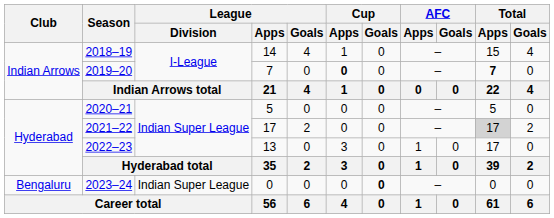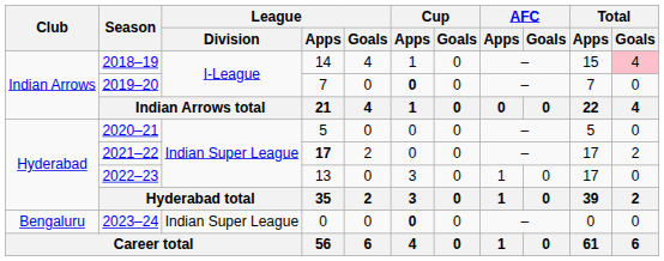 <table class="wikitable" style="text-align: center">
 <tr>
 <th rowspan="2">Club</th>
 <th rowspan="2">Season</th>
 <th colspan="3">League</th>
 <th colspan="2">Cup</th>
 <th colspan="2"><a href='#'>AFC</a></th>
 <th colspan="2">Total</th>
 </tr>
 <tr>
 <th>Division</th>
 <th>Apps</th>
 <th>Goals</th>
 <th>Apps</th>
 <th>Goals</th>
 <th>Apps</th>
 <th>Goals</th>
 <th>Apps</th>
 <th>Goals</th>
 </tr>
 <tr>
 <td rowspan="3"><a href='#'>Indian Arrows</a></td>
 <td><a href='#'>2018–19</a></td>
 <td rowspan="2"><a href='#'>I-League</a></td>
 <td>14</td>
 <td>4</td>
 <td>1</td>
 <td>0</td>
 <td colspan="2">–</td>
 <td>15</td>
-<td>4</td>
+<td style="background: pink;">4</td>
 </tr>
 <tr>
 <td><a href='#'>2019–20</a></td>
 <td>7</td>
 <td>0</td>
 <td><strong>0</strong></td>
 <td>0</td>
 <td colspan="2">–</td>
-<td><strong>7</strong></td>
+<td>7</td>
 <td>0</td>
 </tr>
 <tr>
 <th colspan="2">Indian Arrows total</th>
 <th>21</th>
 <th>4</th>
 <th>1</th>
 <th>0</th>
 <th>0</th>
 <th>0</th>
 <th>22</th>
 <th>4</th>
 </tr>
 <tr>
 <td rowspan="4"><a href='#'>Hyderabad</a></td>
 <td><a href='#'>2020–21</a></td>
 <td rowspan="3"><a href='#'>Indian Super League</a></td>
 <td>5</td>
 <td>0</td>
 <td>0</td>
 <td>0</td>
 <td colspan="2">–</td>
 <td>5</td>
 <td>0</td>
 </tr>
 <tr>
 <td><a href='#'>2021–22</a></td>
-<td>17</td>
+<td><strong>17</strong></td>
 <td>2</td>
 <td>0</td>
 <td>0</td>
 <td colspan="2">–</td>
-<td style="background: lightgrey;">17</td>
+<td>17</td>
 <td>2</td>
 </tr>
 <tr>
 <td><a href='#'>2022–23</a></td>
 <td>13</td>
 <td>0</td>
 <td>3</td>
 <td>0</td>
 <td>1</td>
 <td>0</td>
 <td>17</td>
 <td>0</td>
 </tr>
 <tr>
 <th colspan="2">Hyderabad total</th>
 <th>35</th>
 <th>2</th>
 <th>3</th>
 <th>0</th>
 <th>1</th>
 <th>0</th>
 <th>39</th>
 <th>2</th>
 </tr>
 <tr>
 <td rowspan="1"><a href='#'>Bengaluru</a></td>
 <td><a href='#'>2023–24</a></td>
 <td rowspan="1">Indian Super League</td>
 <td>0</td>
 <td>0</td>
+<td><strong>0</strong></td>
 <td>0</td>
-<td><strong>0</strong></td>
 <td colspan="2">–</td>
 <td>0</td>
 <td>0</td>
 </tr>
 <tr>
 <th colspan="3">Career total</th>
 <th>56</th>
 <th>6</th>
 <th>4</th>
 <th>0</th>
 <th>1</th>
 <th>0</th>
 <th>61</th>
 <th>6</th>
 </tr>
 </table>
